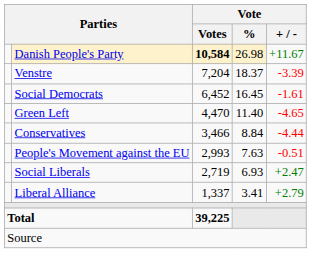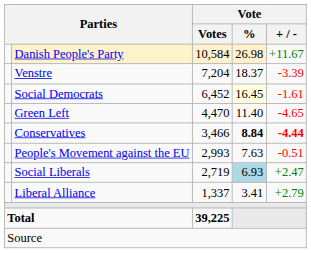 <table class="wikitable" style="text-align:right;">
 <tr>
 <th style="text-align:centre;" rowspan="2" colspan="2" width="225">Parties</th>
 <th colspan="3">Vote</th>
 </tr>
 <tr>
 <th width="15">Votes</th>
 <th width="15">%</th>
 <th width="15">+ / -</th>
 </tr>
 <tr>
 <td width="2" style="color:inherit;background:"></td>
 <td bgcolor=#fef2cc   align="left"><a href='#'>Danish People's Party</a></td>
-<td bgcolor=#fef2cc><strong>10,584</strong></td>
+<td bgcolor=#fef2cc>10,584</td>
 <td bgcolor=#fef2cc>26.98</td>
 <td style=color:green;>+11.67</td>
 </tr>
 <tr>
 <td width="2" style="color:inherit;background:"></td>
 <td align="left"><a href='#'>Venstre</a></td>
 <td>7,204</td>
 <td>18.37</td>
 <td style=color:red;>-3.39</td>
 </tr>
 <tr>
 <td width="2" style="color:inherit;background:"></td>
 <td align="left"><a href='#'>Social Democrats</a></td>
 <td>6,452</td>
-<td>16.45</td>
+<td style="background: lightyellow;">16.45</td>
 <td style=color:red;>-1.61</td>
 </tr>
 <tr>
 <td width="2" style="color:inherit;background:"></td>
 <td align="left"><a href='#'>Green Left</a></td>
 <td>4,470</td>
 <td>11.40</td>
 <td style=color:red;>-4.65</td>
 </tr>
 <tr>
 <td width="2" style="color:inherit;background:"></td>
 <td align="left"><a href='#'>Conservatives</a></td>
 <td>3,466</td>
-<td>8.84</td>
-<td style=color:red;>-4.44</td>
+<td><strong>8.84</strong></td>
+<td style=color:red;><strong>-4.44</strong></td>
 </tr>
 <tr>
 <td width="2" style="color:inherit;background:"></td>
 <td align="left"><a href='#'>People's Movement against the EU</a></td>
 <td>2,993</td>
 <td>7.63</td>
 <td style=color:red;>-0.51</td>
 </tr>
 <tr>
 <td width="2" style="color:inherit;background:"></td>
 <td align="left"><a href='#'>Social Liberals</a></td>
 <td>2,719</td>
-<td>6.93</td>
+<td style="background: lightblue;">6.93</td>
 <td style=color:green;>+2.47</td>
 </tr>
 <tr>
 <td width="2" style="color:inherit;background:"></td>
 <td align="left"><a href='#'>Liberal Alliance</a></td>
 <td>1,337</td>
 <td>3.41</td>
 <td style=color:green;>+2.79</td>
 </tr>
 <tr>
 <td colspan="7" bgcolor="#E9E9E9"></td>
 </tr>
 <tr>
 <td align="left" colspan="2"><strong>Total</strong></td>
 <td><strong>39,225</strong></td>
 <td bgcolor="#E9E9E9" colspan="2"></td>
 </tr>
 <tr>
 <td align="left" colspan="6">Source</td>
 </tr>
 </table>
